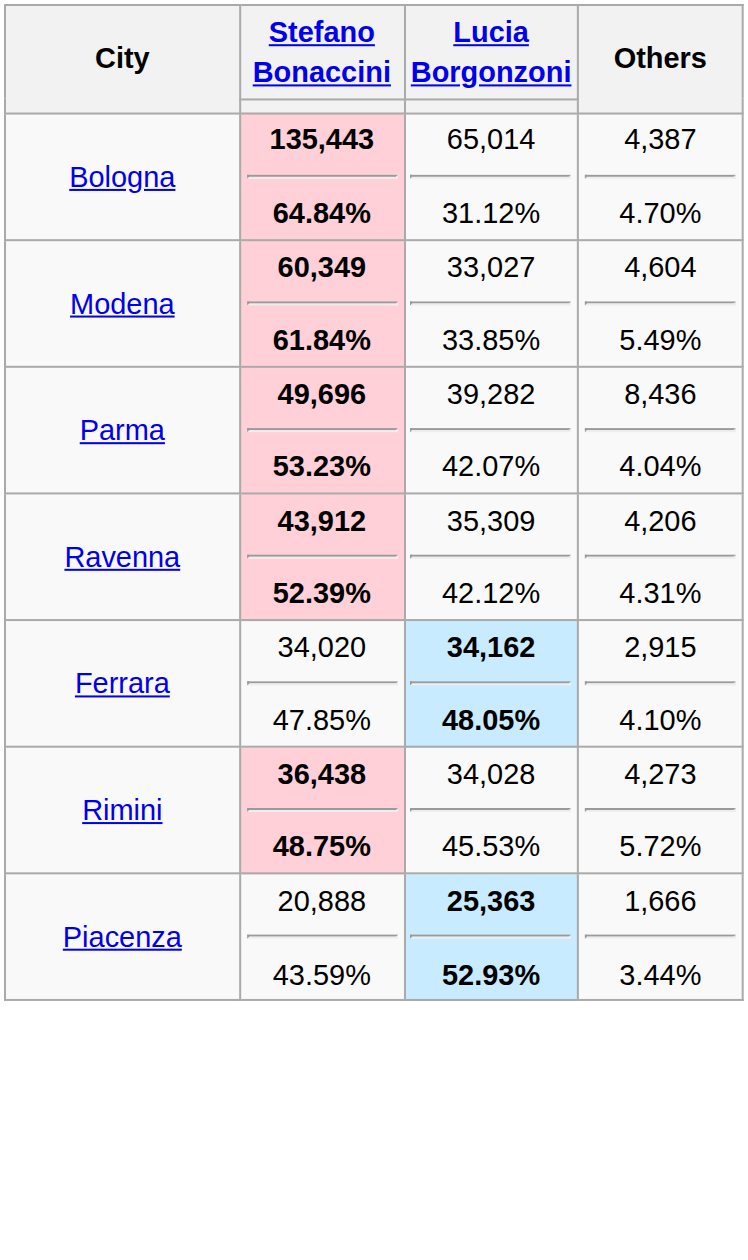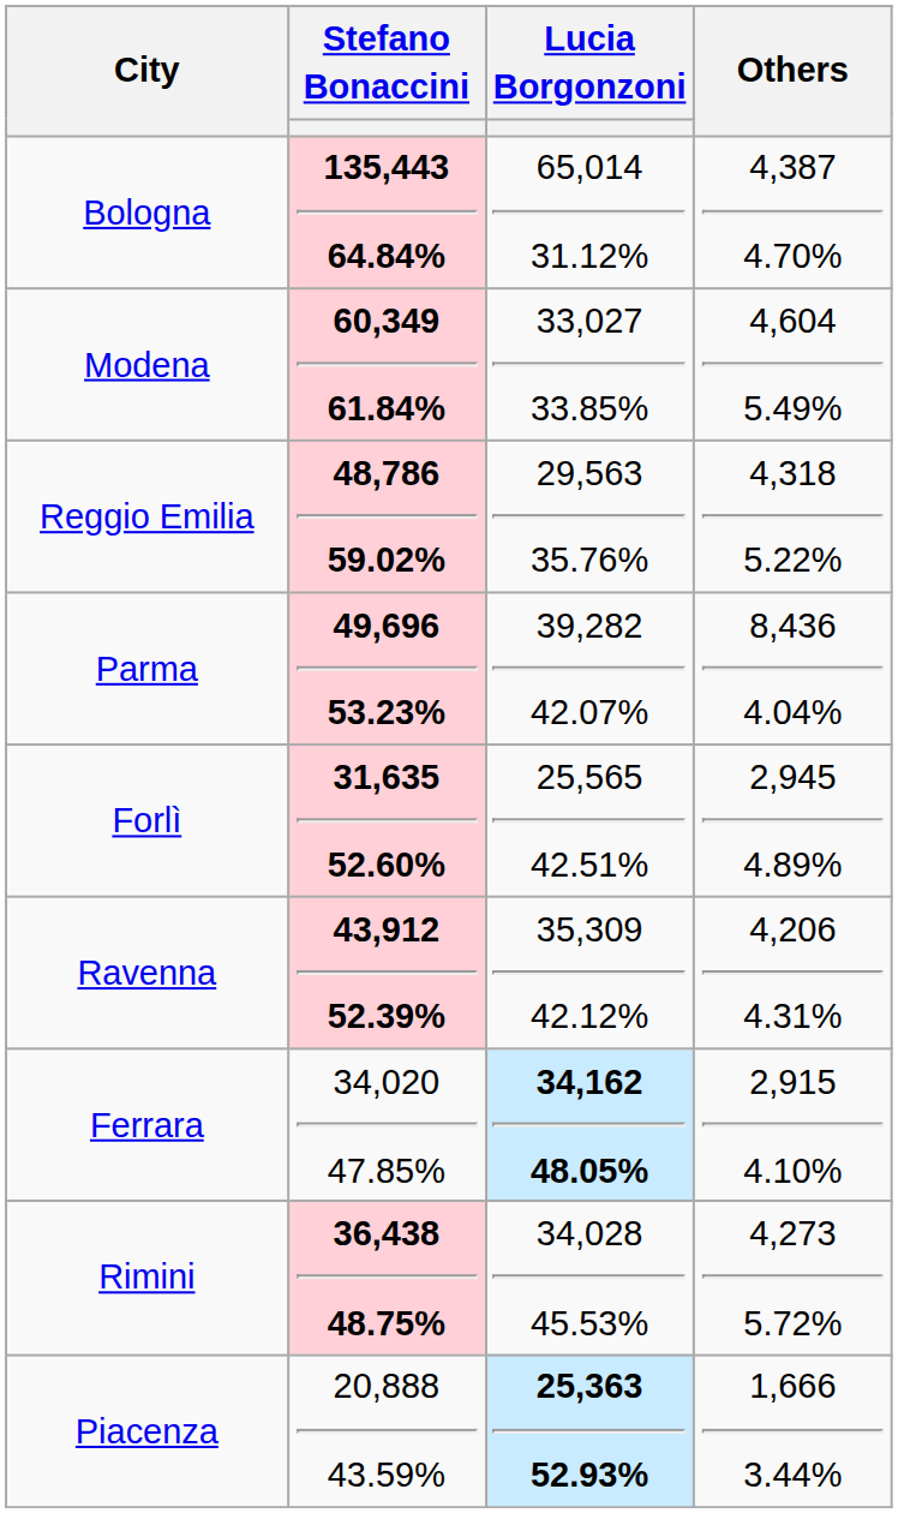 <table class="wikitable" style="text-align:center;font-size:90%;line-height:20px">
 <tr style="height:30px; background-color:#E9E9E9">
 <th style="width:110px;" rowspan="2">City</th>
 <th style="width:75px;"><a href='#'>Stefano Bonaccini</a></th>
 <th style="width:75px;"><a href='#'>Lucia Borgonzoni</a></th>
 <th rowspan="2" style="width:75px;">Others</th>
 </tr>
 <tr>
 <th style="background:"></th>
 <th style="background:"></th>
 </tr>
 <tr>
 <td><a href='#'>Bologna</a></td>
 <td style="background:#FFD0D7"><strong>135,443 <hr>64.84%</strong></td>
 <td>65,014 <hr>31.12%</td>
 <td>4,387 <hr>4.70%</td>
 </tr>
 <tr>
 <td><a href='#'>Modena</a></td>
 <td style="background:#FFD0D7"><strong>60,349 <hr>61.84%</strong></td>
 <td>33,027 <hr>33.85%</td>
 <td>4,604 <hr>5.49%</td>
 </tr>
 <tr>
+<td><a href='#'>Reggio Emilia</a></td>
+<td style="background:#FFD0D7"><strong>48,786 <hr>59.02%</strong></td>
+<td>29,563 <hr>35.76%</td>
+<td>4,318 <hr>5.22%</td>
+</tr>
+<tr>
 <td><a href='#'>Parma</a></td>
 <td style="background:#FFD0D7"><strong>49,696 <hr>53.23%</strong></td>
 <td>39,282 <hr>42.07%</td>
 <td>8,436 <hr>4.04%</td>
+</tr>
+<tr>
+<td><a href='#'>Forlì</a></td>
+<td style="background:#FFD0D7"><strong>31,635<hr>52.60%</strong></td>
+<td>25,565 <hr>42.51%</td>
+<td>2,945 <hr>4.89%</td>
 </tr>
 <tr>
 <td><a href='#'>Ravenna</a></td>
 <td style="background:#FFD0D7"><strong>43,912<hr>52.39%</strong></td>
 <td>35,309 <hr>42.12%</td>
 <td>4,206 <hr>4.31%</td>
 </tr>
 <tr>
 <td><a href='#'>Ferrara</a></td>
 <td>34,020 <hr>47.85%</td>
 <td style="background:#C8EBFF"><strong>34,162 <hr>48.05%</strong></td>
 <td>2,915 <hr>4.10%</td>
 </tr>
 <tr>
 <td><a href='#'>Rimini</a></td>
 <td style="background:#FFD0D7"><strong>36,438 <hr>48.75%</strong></td>
 <td>34,028 <hr>45.53%</td>
 <td>4,273 <hr>5.72%</td>
 </tr>
 <tr>
 <td><a href='#'>Piacenza</a></td>
 <td>20,888 <hr>43.59%</td>
 <td style="background:#C8EBFF"><strong>25,363 <hr>52.93%</strong></td>
 <td>1,666 <hr>3.44%</td>
 </tr>
 </table>
